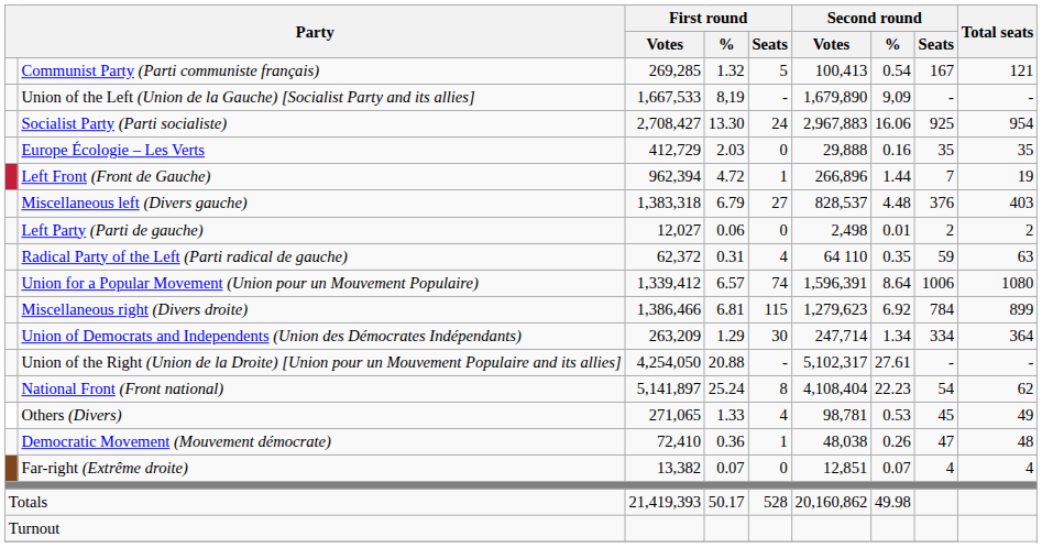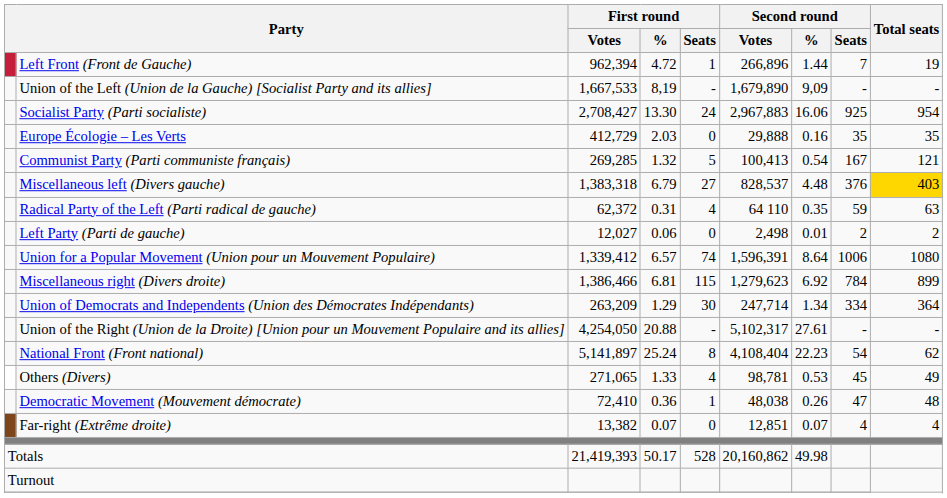 <table class="wikitable" style="font-size: 95%;">
 <tr>
 <th rowspan="2" colspan="2">Party</th>
 <th colspan="3">First round</th>
 <th colspan="3">Second round</th>
 <th rowspan="2">Total seats</th>
 </tr>
 <tr style="background-color:#E9E9E9">
 <th>Votes</th>
 <th>%</th>
 <th>Seats</th>
 <th>Votes</th>
 <th>%</th>
 <th>Seats</th>
 </tr>
 <tr align="right">
-<td style="color:inherit;background:"></td>
-<td align="left"><a href='#'>Communist Party</a><em> (Parti communiste français)</em></td>
-<td>269,285</td>
-<td>1.32</td>
-<td>5</td>
-<td>100,413</td>
-<td>0.54</td>
-<td>167</td>
-<td>121</td>
+<td style="color:inherit;background:#C41E3A"></td>
+<td align="left"><a href='#'>Left Front</a> <em>(Front de Gauche)</em></td>
+<td>962,394</td>
+<td>4.72</td>
+<td>1</td>
+<td>266,896</td>
+<td>1.44</td>
+<td>7</td>
+<td>19</td>
 </tr>
 <tr align="right">
 <td width="5" style="color:inherit;background:"></td>
 <td align="left">Union of the Left <em>(Union de la Gauche) [Socialist Party and its allies] </em></td>
 <td>1,667,533</td>
 <td>8,19</td>
 <td>-</td>
 <td>1,679,890</td>
 <td>9,09</td>
 <td>-</td>
 <td>-</td>
 </tr>
 <tr align="right">
 <td width="5" style="color:inherit;background:"></td>
 <td align="left"><a href='#'>Socialist Party</a> <em>(Parti socialiste)</em></td>
 <td>2,708,427</td>
 <td>13.30</td>
 <td>24</td>
 <td>2,967,883</td>
 <td>16.06</td>
 <td>925</td>
 <td>954</td>
 </tr>
 <tr align="right">
 <td style="color:inherit;background:"></td>
 <td align="left"><a href='#'>Europe Écologie – Les Verts</a></td>
 <td>412,729</td>
 <td>2.03</td>
 <td>0</td>
 <td>29,888</td>
 <td>0.16</td>
 <td>35</td>
 <td>35</td>
 </tr>
 <tr align="right">
-<td style="color:inherit;background:#C41E3A"></td>
-<td align="left"><a href='#'>Left Front</a> <em>(Front de Gauche)</em></td>
-<td>962,394</td>
-<td>4.72</td>
-<td>1</td>
-<td>266,896</td>
-<td>1.44</td>
-<td>7</td>
-<td>19</td>
+<td style="color:inherit;background:"></td>
+<td align="left"><a href='#'>Communist Party</a><em> (Parti communiste français)</em></td>
+<td>269,285</td>
+<td>1.32</td>
+<td>5</td>
+<td>100,413</td>
+<td>0.54</td>
+<td>167</td>
+<td>121</td>
 </tr>
 <tr align="right">
 <td style="color:inherit;background:"></td>
 <td align="left"><a href='#'>Miscellaneous left</a> <em>(Divers gauche)</em></td>
 <td>1,383,318</td>
 <td>6.79</td>
 <td>27</td>
 <td>828,537</td>
 <td>4.48</td>
 <td>376</td>
-<td>403</td>
+<td style="background: gold;">403</td>
+</tr>
+<tr align="right">
+<td style="color:inherit;background:"></td>
+<td align="left"><a href='#'>Radical Party of the Left</a> <em>(Parti radical de gauche)</em></td>
+<td>62,372</td>
+<td>0.31</td>
+<td>4</td>
+<td>64 110</td>
+<td>0.35</td>
+<td>59</td>
+<td>63</td>
 </tr>
 <tr align="right">
 <td style="color:inherit;background:"></td>
 <td align="left"><a href='#'>Left Party</a> <em>(Parti de gauche)</em></td>
 <td>12,027</td>
 <td>0.06</td>
 <td>0</td>
 <td>2,498</td>
 <td>0.01</td>
 <td>2</td>
 <td>2</td>
-</tr>
-<tr align="right">
-<td style="color:inherit;background:"></td>
-<td align="left"><a href='#'>Radical Party of the Left</a> <em>(Parti radical de gauche)</em></td>
-<td>62,372</td>
-<td>0.31</td>
-<td>4</td>
-<td>64 110</td>
-<td>0.35</td>
-<td>59</td>
-<td>63</td>
 </tr>
 <tr align="right">
 <td style="color:inherit;background:"></td>
 <td align="left"><a href='#'>Union for a Popular Movement</a> <em>(Union pour un Mouvement Populaire)</em></td>
 <td>1,339,412</td>
 <td>6.57</td>
 <td>74</td>
 <td>1,596,391</td>
 <td>8.64</td>
 <td>1006</td>
 <td>1080</td>
 </tr>
 <tr align="right">
 <td style="color:inherit;background:"></td>
 <td align="left"><a href='#'>Miscellaneous right</a> <em>(Divers droite)</em></td>
 <td>1,386,466</td>
 <td>6.81</td>
 <td>115</td>
 <td>1,279,623</td>
 <td>6.92</td>
 <td>784</td>
 <td>899</td>
 </tr>
 <tr align="right">
 <td style="color:inherit;background:"></td>
 <td align="left"><a href='#'>Union of Democrats and Independents</a> <em>(Union des Démocrates Indépendants)</em></td>
 <td>263,209</td>
 <td>1.29</td>
 <td>30</td>
 <td>247,714</td>
 <td>1.34</td>
 <td>334</td>
 <td>364</td>
 </tr>
 <tr align="right">
 <td style="color:inherit;background:"></td>
 <td align="left">Union of the Right <em>(Union de la Droite) [Union pour un Mouvement Populaire and its allies]</em> </td>
 <td>4,254,050</td>
 <td>20.88</td>
 <td>-</td>
 <td>5,102,317</td>
 <td>27.61</td>
 <td>-</td>
 <td>-</td>
 </tr>
 <tr align="right">
 <td style="color:inherit;background:"></td>
 <td align="left"><a href='#'>National Front</a> <em>(Front national)</em></td>
 <td>5,141,897</td>
 <td>25.24</td>
 <td>8</td>
 <td>4,108,404</td>
 <td>22.23</td>
 <td>54</td>
 <td>62</td>
 </tr>
 <tr align="right">
 <td bgcolor="white"></td>
 <td align="left">Others <em>(Divers)</em></td>
 <td>271,065</td>
 <td>1.33</td>
 <td>4</td>
 <td>98,781</td>
 <td>0.53</td>
 <td>45</td>
 <td>49</td>
 </tr>
 <tr align="right">
 <td style="color:inherit;background:"></td>
 <td align="left"><a href='#'>Democratic Movement</a> <em>(Mouvement démocrate)</em></td>
 <td>72,410</td>
 <td>0.36</td>
 <td>1</td>
 <td>48,038</td>
 <td>0.26</td>
 <td>47</td>
 <td>48</td>
 </tr>
 <tr align="right">
 <td style="color:inherit;background:#80461B"></td>
 <td align=left>Far-right <em>(Extrême droite)</em></td>
 <td>13,382</td>
 <td>0.07</td>
 <td>0</td>
 <td>12,851</td>
 <td>0.07</td>
 <td>4</td>
 <td>4</td>
 </tr>
 <tr>
 <td colspan="9" bgcolor="grey"></td>
 </tr>
 <tr align="right">
 <td colspan="2" align="left">Totals</td>
 <td>21,419,393</td>
 <td>50.17</td>
 <td>528</td>
 <td>20,160,862</td>
 <td>49.98</td>
 <td></td>
 <td></td>
 </tr>
 <tr align="right">
 <td colspan="2" align="left">Turnout</td>
 <td></td>
 <td></td>
 <td></td>
 <td></td>
 <td></td>
 <td></td>
 </tr>
 <tr>
 </tr>
 </table>
